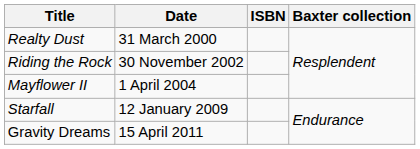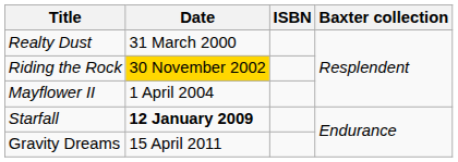 <table class="wikitable">
 <tr>
 <th>Title</th>
 <th>Date</th>
 <th>ISBN</th>
 <th>Baxter collection</th>
 </tr>
 <tr>
 <td><em>Realty Dust</em></td>
 <td>31 March 2000</td>
 <td></td>
 <td rowspan="3"><em>Resplendent</em></td>
 </tr>
 <tr>
 <td><em>Riding the Rock</em></td>
-<td>30 November 2002</td>
+<td style="background: gold;">30 November 2002</td>
 <td></td>
 </tr>
 <tr>
 <td><em>Mayflower II</em></td>
 <td>1 April 2004</td>
 <td></td>
 </tr>
 <tr>
 <td><em>Starfall</em></td>
-<td>12 January 2009</td>
+<td><strong>12 January 2009</strong></td>
 <td></td>
 <td rowspan="2"><em>Endurance</em></td>
 </tr>
 <tr>
 <td>Gravity Dreams</td>
 <td>15 April 2011</td>
 <td></td>
 </tr>
 </table>
